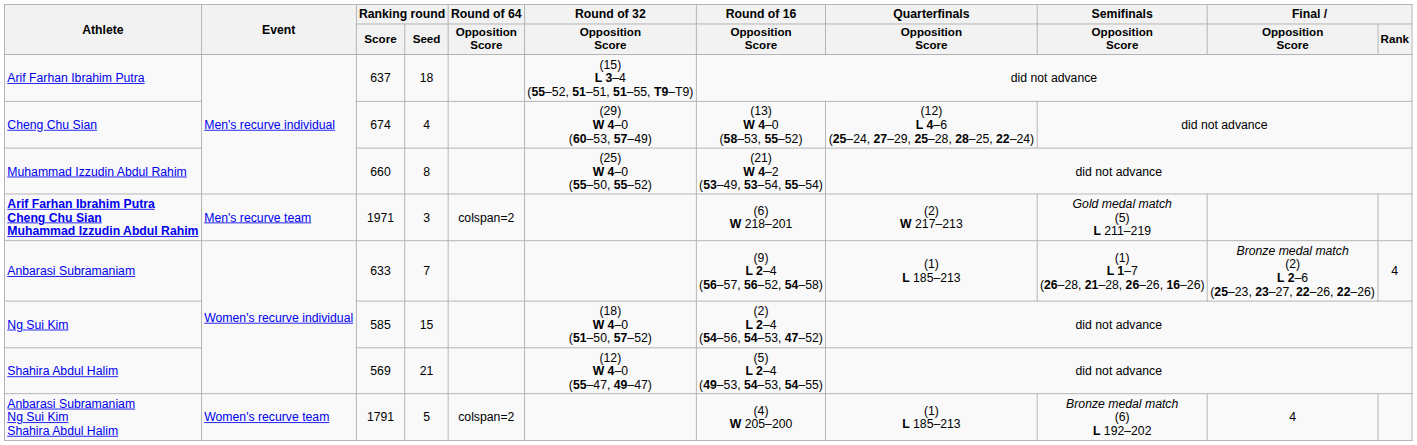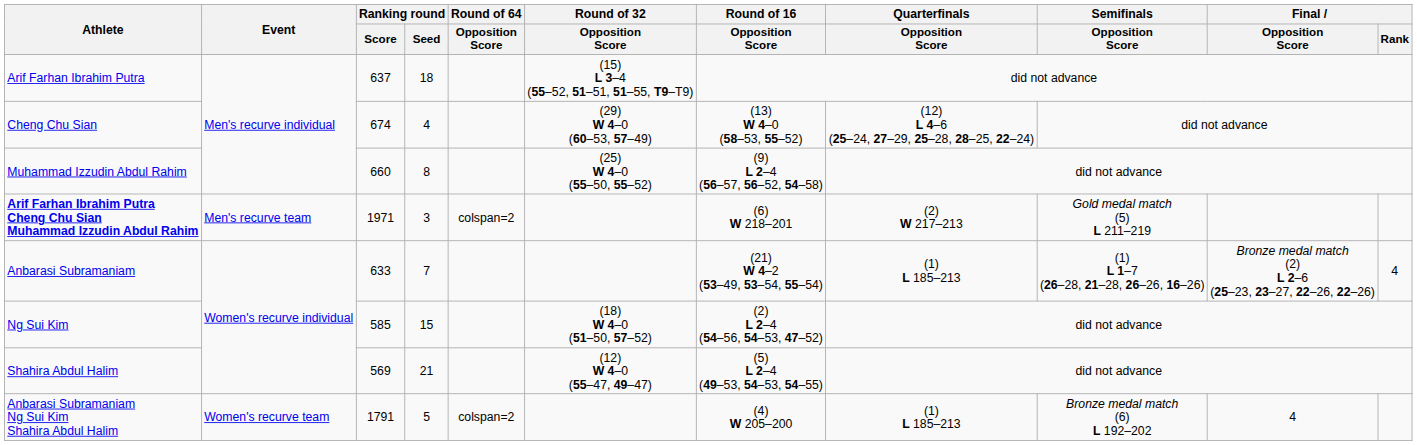 <table class="wikitable" style="font-size:90%">
 <tr>
 <th rowspan="2">Athlete</th>
 <th rowspan="2">Event</th>
 <th colspan="2">Ranking round</th>
 <th>Round of 64</th>
 <th>Round of 32</th>
 <th>Round of 16</th>
 <th>Quarterfinals</th>
 <th>Semifinals</th>
 <th colspan="2">Final / </th>
 </tr>
 <tr style="font-size:95%">
 <th>Score</th>
 <th>Seed</th>
 <th>Opposition<br>Score</th>
 <th>Opposition<br>Score</th>
 <th>Opposition<br>Score</th>
 <th>Opposition<br>Score</th>
 <th>Opposition<br>Score</th>
 <th>Opposition<br>Score</th>
 <th>Rank</th>
 </tr>
 <tr align=center>
 <td align=left><a href='#'>Arif Farhan Ibrahim Putra</a></td>
 <td align=left rowspan=3><a href='#'>Men's recurve individual</a></td>
 <td>637</td>
 <td>18</td>
 <td></td>
 <td> (15)<br><strong>L 3</strong>–4<br>(<strong>55</strong>–52, <strong>51</strong>–51, <strong>51</strong>–55, <strong>T9</strong>–T9)</td>
 <td colspan=5>did not advance</td>
 </tr>
 <tr align=center>
 <td align=left><a href='#'>Cheng Chu Sian</a></td>
 <td>674</td>
 <td>4</td>
 <td></td>
 <td> (29)<br><strong>W 4</strong>–0<br>(<strong>60</strong>–53, <strong>57</strong>–49)</td>
 <td> (13)<br><strong>W 4</strong>–0<br>(<strong>58</strong>–53, <strong>55</strong>–52)</td>
 <td> (12)<br><strong>L 4</strong>–6<br>(<strong>25</strong>–24, <strong>27</strong>–29, <strong>25</strong>–28, <strong>28</strong>–25, <strong>22</strong>–24)</td>
 <td colspan=3>did not advance</td>
 </tr>
 <tr align=center>
 <td align=left><a href='#'>Muhammad Izzudin Abdul Rahim</a></td>
 <td>660</td>
 <td>8</td>
 <td></td>
 <td> (25)<br><strong>W 4</strong>–0<br>(<strong>55</strong>–50, <strong>55</strong>–52)</td>
-<td> (21)<br><strong>W 4</strong>–2<br>(<strong>53</strong>–49, <strong>53</strong>–54, <strong>55</strong>–54)</td>
+<td> (9)<br><strong>L 2</strong>–4<br>(<strong>56</strong>–57, <strong>56</strong>–52, <strong>54</strong>–58)</td>
 <td colspan=4>did not advance</td>
 </tr>
 <tr align=center>
 <td align=left><strong><a href='#'>Arif Farhan Ibrahim Putra</a><br><a href='#'>Cheng Chu Sian</a><br><a href='#'>Muhammad Izzudin Abdul Rahim</a></strong></td>
 <td align=left><a href='#'>Men's recurve team</a></td>
 <td>1971</td>
 <td>3</td>
 <td>colspan=2 </td>
 <td></td>
 <td> (6)<br><strong>W</strong> 218–201</td>
 <td> (2)<br><strong>W</strong> 217–213</td>
 <td><em>Gold medal match</em><br> (5)<br><strong>L</strong> 211–219</td>
 <td></td>
 </tr>
 <tr align=center>
 <td align=left><a href='#'>Anbarasi Subramaniam</a></td>
 <td align=left rowspan=3><a href='#'>Women's recurve individual</a></td>
 <td>633</td>
 <td>7</td>
 <td></td>
 <td></td>
-<td> (9)<br><strong>L 2</strong>–4<br>(<strong>56</strong>–57, <strong>56</strong>–52, <strong>54</strong>–58)</td>
+<td> (21)<br><strong>W 4</strong>–2<br>(<strong>53</strong>–49, <strong>53</strong>–54, <strong>55</strong>–54)</td>
 <td> (1)<br><strong>L</strong> 185–213</td>
 <td> (1)<br><strong>L 1</strong>–7<br>(<strong>26</strong>–28, <strong>21</strong>–28, <strong>26</strong>–26, <strong>16</strong>–26)</td>
 <td><em>Bronze medal match</em><br> (2)<br><strong>L 2</strong>–6<br>(<strong>25</strong>–23, <strong>23</strong>–27, <strong>22</strong>–26, <strong>22</strong>–26)</td>
 <td>4</td>
 </tr>
 <tr align=center>
 <td align=left><a href='#'>Ng Sui Kim</a></td>
 <td>585</td>
 <td>15</td>
 <td></td>
 <td> (18)<br><strong>W 4</strong>–0<br>(<strong>51</strong>–50, <strong>57</strong>–52)</td>
 <td> (2)<br><strong>L 2</strong>–4<br>(<strong>54</strong>–56, <strong>54</strong>–53, <strong>47</strong>–52)</td>
 <td colspan=4>did not advance</td>
 </tr>
 <tr align=center>
 <td align=left><a href='#'>Shahira Abdul Halim</a></td>
 <td>569</td>
 <td>21</td>
 <td></td>
 <td> (12)<br><strong>W 4</strong>–0<br>(<strong>55</strong>–47, <strong>49</strong>–47)</td>
 <td> (5)<br><strong>L 2</strong>–4<br>(<strong>49</strong>–53, <strong>54</strong>–53, <strong>54</strong>–55)</td>
 <td colspan=4>did not advance</td>
 </tr>
 <tr align=center>
 <td align=left><a href='#'>Anbarasi Subramaniam</a><br><a href='#'>Ng Sui Kim</a><br><a href='#'>Shahira Abdul Halim</a></td>
 <td align=left><a href='#'>Women's recurve team</a></td>
 <td>1791</td>
 <td>5</td>
 <td>colspan=2 </td>
 <td></td>
 <td> (4)<br><strong>W</strong> 205–200</td>
 <td> (1)<br><strong>L</strong> 185–213</td>
 <td><em>Bronze medal match</em><br> (6)<br><strong>L</strong> 192–202</td>
 <td>4</td>
 </tr>
 </table>
